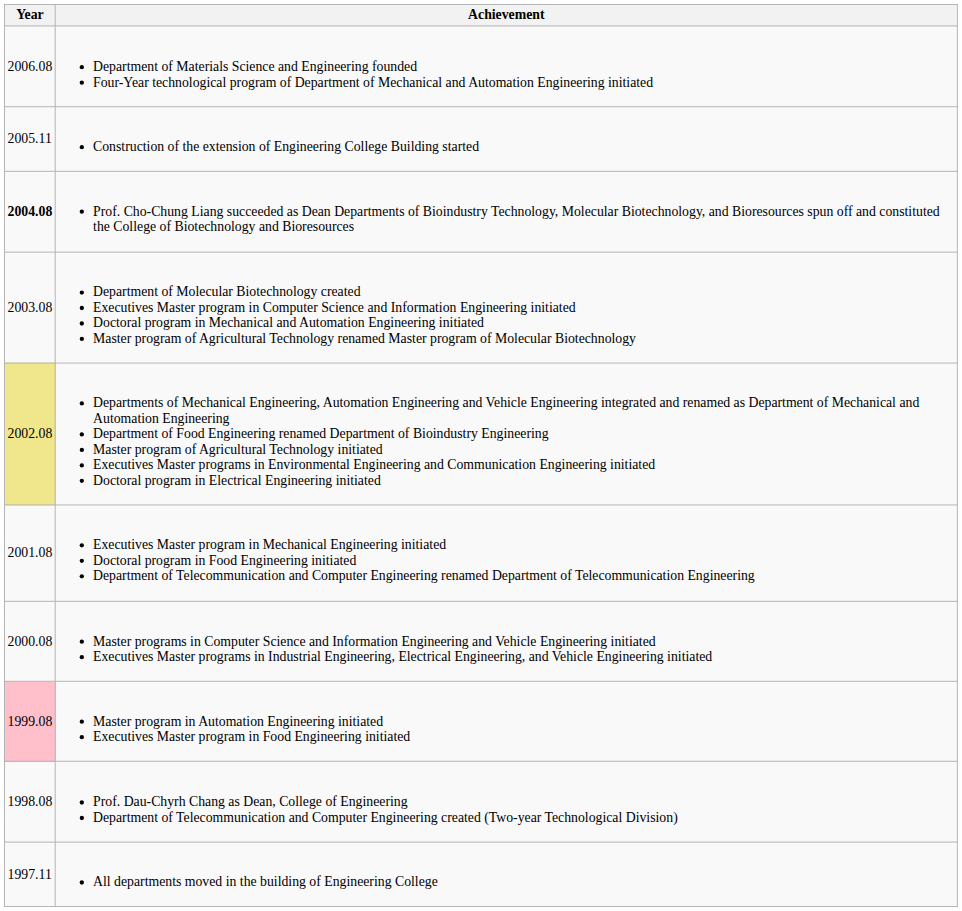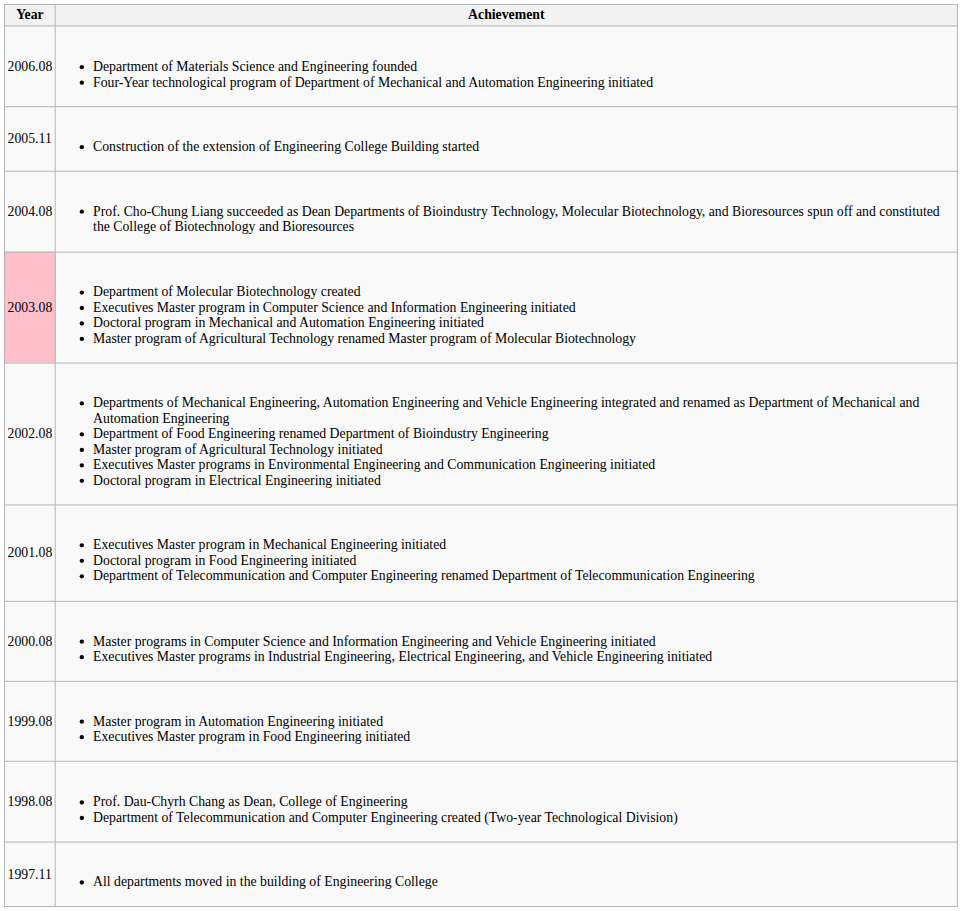 <table class="wikitable" width=70%>
 <tr>
 <th>Year</th>
 <th>Achievement</th>
 </tr>
 <tr>
 <td>2006.08</td>
 <td><br><ul><li>Department of Materials Science and Engineering founded</li><li>Four-Year technological program of Department of Mechanical and Automation Engineering initiated</li></ul></td>
 </tr>
 <tr>
 <td>2005.11</td>
 <td><br><ul><li>Construction of the extension of Engineering College Building started</li></ul></td>
 </tr>
 <tr>
-<td><strong>2004.08</strong></td>
+<td>2004.08</td>
 <td><br><ul><li>Prof. Cho-Chung Liang succeeded as Dean Departments of Bioindustry Technology, Molecular Biotechnology, and Bioresources spun off and constituted the College of Biotechnology and Bioresources</li></ul></td>
 </tr>
 <tr>
-<td>2003.08</td>
+<td style="background: pink;">2003.08</td>
 <td><br><ul><li>Department of Molecular Biotechnology created</li><li>Executives Master program in Computer Science and Information Engineering initiated</li><li>Doctoral program in Mechanical and Automation Engineering initiated</li><li>Master program of Agricultural Technology renamed Master program of Molecular Biotechnology</li></ul></td>
 </tr>
 <tr>
-<td style="background: khaki;">2002.08</td>
+<td>2002.08</td>
 <td><br><ul><li>Departments of Mechanical Engineering, Automation Engineering and Vehicle Engineering integrated and renamed as Department of Mechanical and Automation Engineering</li><li>Department of Food Engineering renamed Department of Bioindustry Engineering</li><li>Master program of Agricultural Technology initiated</li><li>Executives Master programs in Environmental Engineering and Communication Engineering initiated</li><li>Doctoral program in Electrical Engineering initiated</li></ul></td>
 </tr>
 <tr>
 <td>2001.08</td>
 <td><br><ul><li>Executives Master program in Mechanical Engineering initiated</li><li>Doctoral program in Food Engineering initiated</li><li>Department of Telecommunication and Computer Engineering renamed Department of Telecommunication Engineering</li></ul></td>
 </tr>
 <tr>
 <td>2000.08</td>
 <td><br><ul><li>Master programs in Computer Science and Information Engineering and Vehicle Engineering initiated</li><li>Executives Master programs in Industrial Engineering, Electrical Engineering, and Vehicle Engineering initiated</li></ul></td>
 </tr>
 <tr>
-<td style="background: pink;">1999.08</td>
+<td>1999.08</td>
 <td><br><ul><li>Master program in Automation Engineering initiated</li><li>Executives Master program in Food Engineering initiated</li></ul></td>
 </tr>
 <tr>
 <td>1998.08</td>
 <td><br><ul><li>Prof. Dau-Chyrh Chang as Dean, College of Engineering</li><li>Department of Telecommunication and Computer Engineering created (Two-year Technological Division)</li></ul></td>
 </tr>
 <tr>
 <td>1997.11</td>
 <td><br><ul><li>All departments moved in the building of Engineering College</li></ul></td>
 </tr>
 </table>
